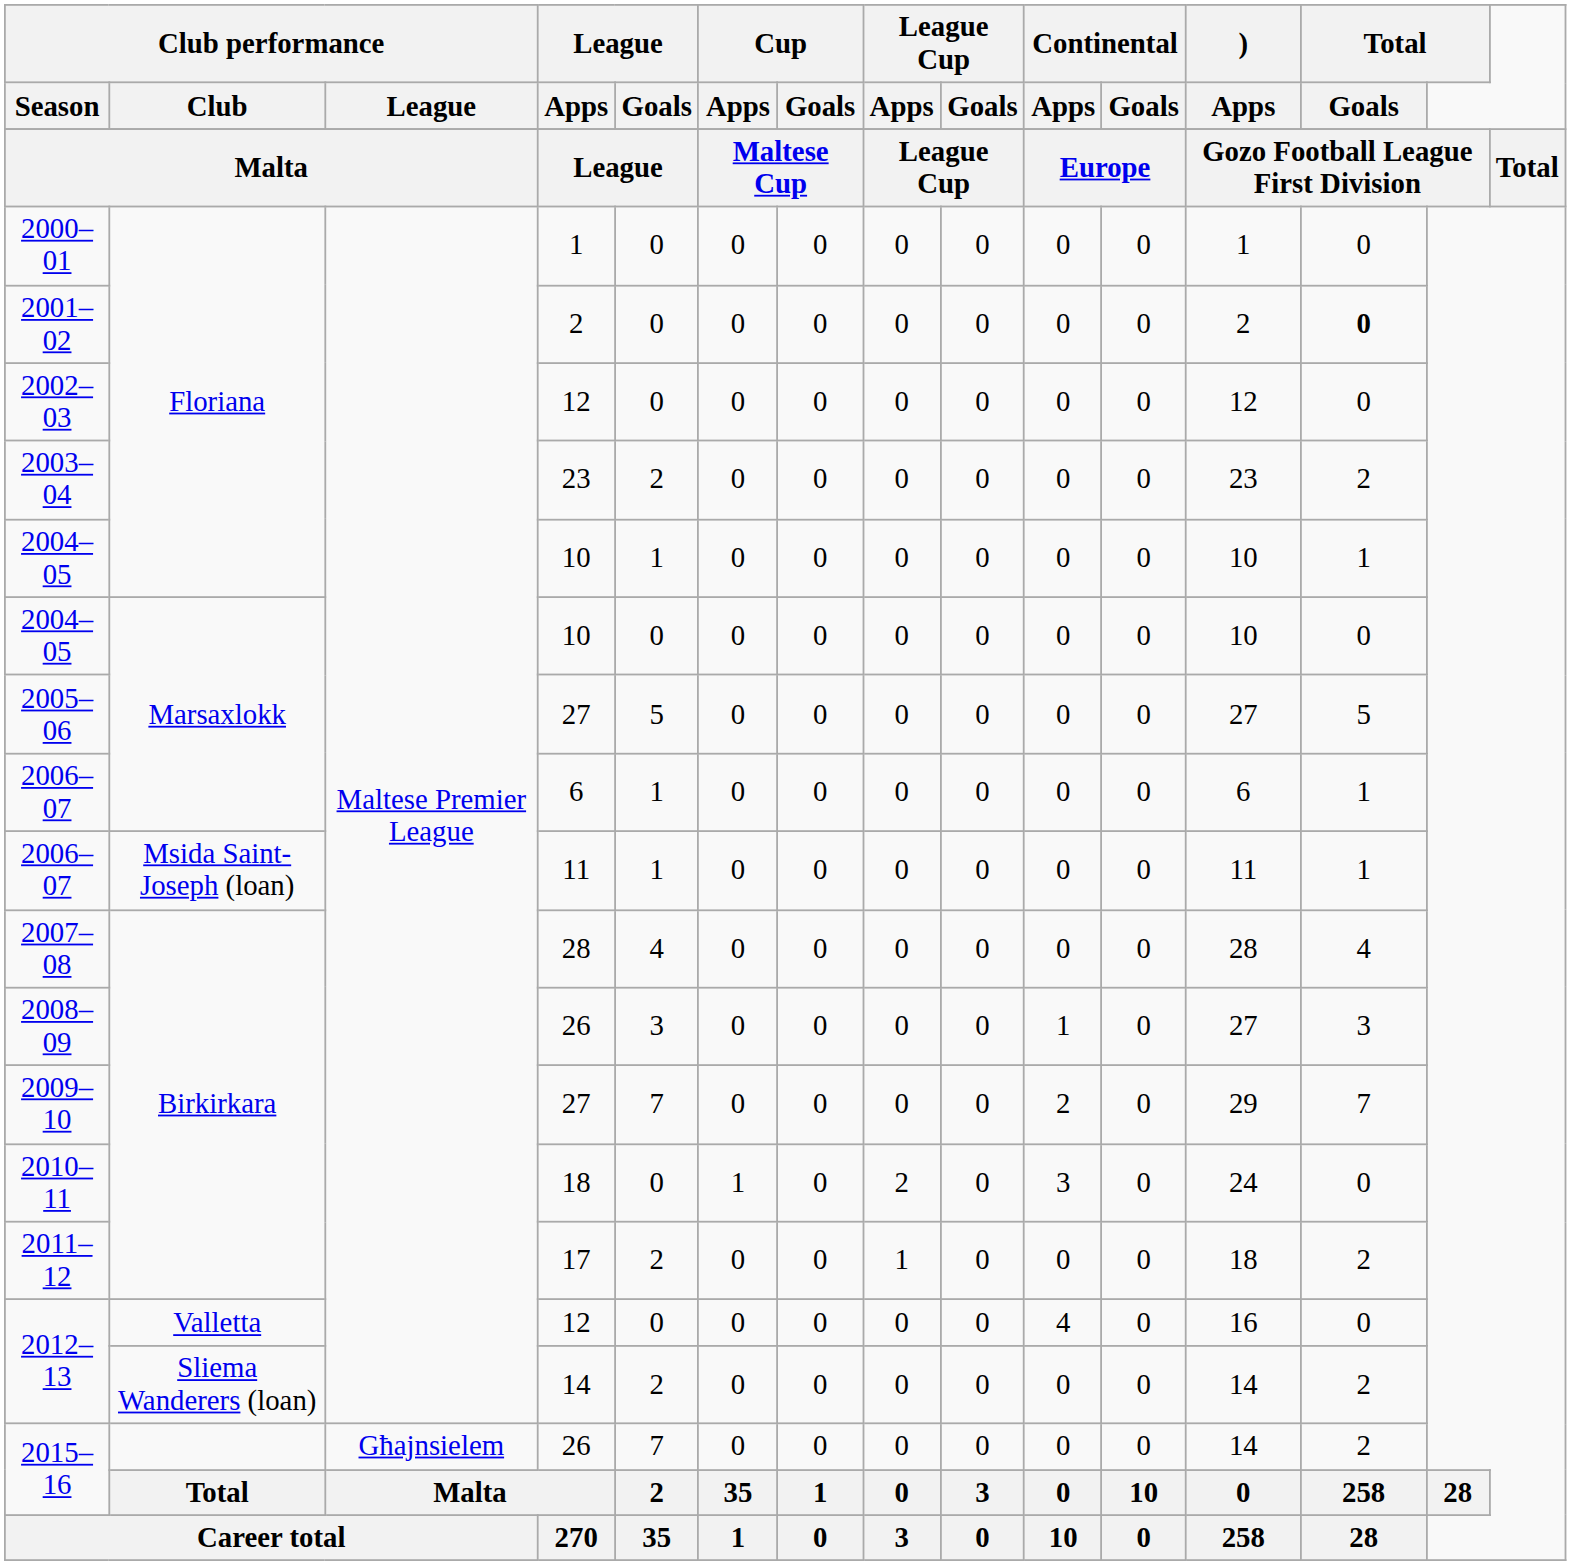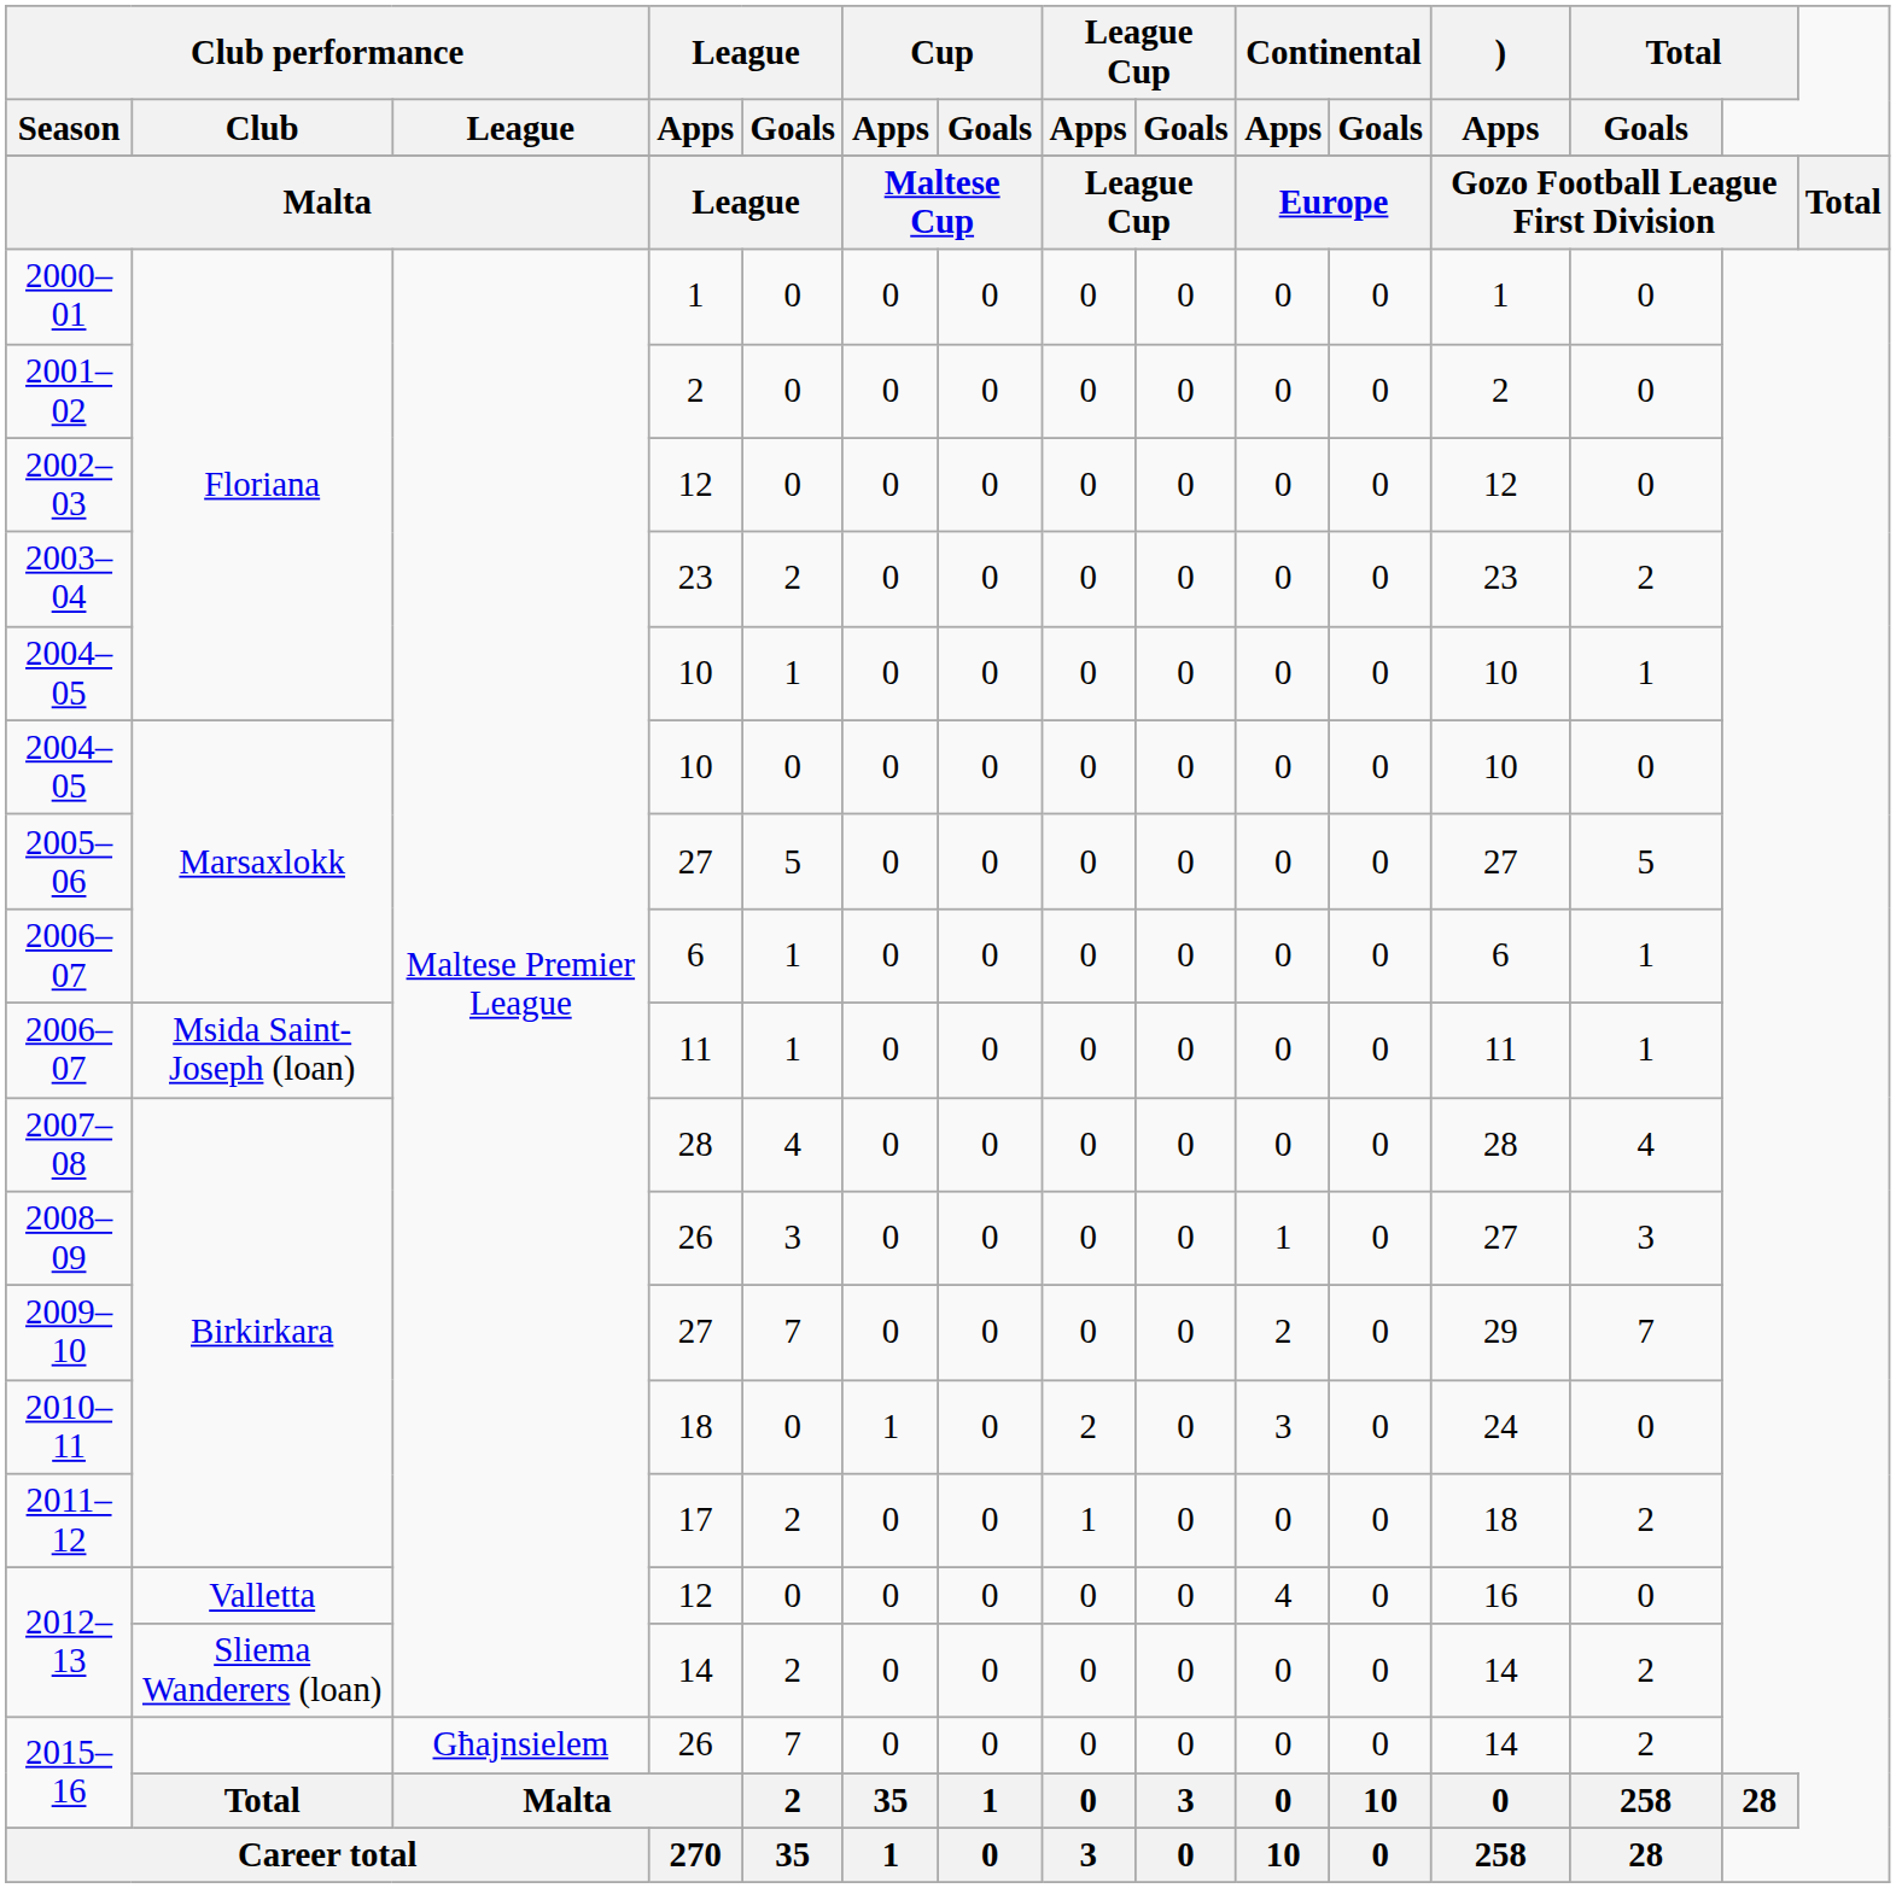 <table class="wikitable" style="text-align:center">
 <tr>
 <th colspan=3>Club performance</th>
 <th colspan=2>League</th>
 <th colspan=2>Cup</th>
 <th colspan=2>League Cup</th>
 <th colspan=2>Continental</th>
 <th>)</th>
 <th colspan=2>Total</th>
 </tr>
 <tr>
 <th>Season</th>
 <th>Club</th>
 <th>League</th>
 <th>Apps</th>
 <th>Goals</th>
 <th>Apps</th>
 <th>Goals</th>
 <th>Apps</th>
 <th>Goals</th>
 <th>Apps</th>
 <th>Goals</th>
 <th>Apps</th>
 <th>Goals</th>
 </tr>
 <tr>
 </tr>
 <tr>
 <th colspan=3>Malta</th>
 <th colspan=2>League</th>
 <th colspan=2><a href='#'>Maltese Cup</a></th>
 <th colspan=2>League Cup</th>
 <th colspan=2><a href='#'>Europe</a></th>
 <th Colspan=3>Gozo Football League First Division</th>
 <th colspan=2>Total</th>
 </tr>
 <tr>
 <td><a href='#'>2000–01</a></td>
 <td rowspan="5"><a href='#'>Floriana</a></td>
 <td rowspan="16"><a href='#'>Maltese Premier League</a></td>
 <td>1</td>
 <td>0</td>
 <td>0</td>
 <td>0</td>
 <td>0</td>
 <td>0</td>
 <td>0</td>
 <td>0</td>
 <td>1</td>
 <td>0</td>
 </tr>
 <tr>
 <td><a href='#'>2001–02</a></td>
 <td>2</td>
 <td>0</td>
 <td>0</td>
 <td>0</td>
 <td>0</td>
 <td>0</td>
 <td>0</td>
 <td>0</td>
 <td>2</td>
-<td><strong>0</strong></td>
+<td>0</td>
 </tr>
 <tr>
 <td><a href='#'>2002–03</a></td>
 <td>12</td>
 <td>0</td>
 <td>0</td>
 <td>0</td>
 <td>0</td>
 <td>0</td>
 <td>0</td>
 <td>0</td>
 <td>12</td>
 <td>0</td>
 </tr>
 <tr>
 <td><a href='#'>2003–04</a></td>
 <td>23</td>
 <td>2</td>
 <td>0</td>
 <td>0</td>
 <td>0</td>
 <td>0</td>
 <td>0</td>
 <td>0</td>
 <td>23</td>
 <td>2</td>
 </tr>
 <tr>
 <td><a href='#'>2004–05</a></td>
 <td>10</td>
 <td>1</td>
 <td>0</td>
 <td>0</td>
 <td>0</td>
 <td>0</td>
 <td>0</td>
 <td>0</td>
 <td>10</td>
 <td>1</td>
 </tr>
 <tr>
 <td><a href='#'>2004–05</a></td>
 <td rowspan="3"><a href='#'>Marsaxlokk</a></td>
 <td>10</td>
 <td>0</td>
 <td>0</td>
 <td>0</td>
 <td>0</td>
 <td>0</td>
 <td>0</td>
 <td>0</td>
 <td>10</td>
 <td>0</td>
 </tr>
 <tr>
 <td><a href='#'>2005–06</a></td>
 <td>27</td>
 <td>5</td>
 <td>0</td>
 <td>0</td>
 <td>0</td>
 <td>0</td>
 <td>0</td>
 <td>0</td>
 <td>27</td>
 <td>5</td>
 </tr>
 <tr>
 <td><a href='#'>2006–07</a></td>
 <td>6</td>
 <td>1</td>
 <td>0</td>
 <td>0</td>
 <td>0</td>
 <td>0</td>
 <td>0</td>
 <td>0</td>
 <td>6</td>
 <td>1</td>
 </tr>
 <tr>
 <td><a href='#'>2006–07</a></td>
 <td rowspan="1"><a href='#'>Msida Saint-Joseph</a> (loan)</td>
 <td>11</td>
 <td>1</td>
 <td>0</td>
 <td>0</td>
 <td>0</td>
 <td>0</td>
 <td>0</td>
 <td>0</td>
 <td>11</td>
 <td>1</td>
 </tr>
 <tr>
 <td><a href='#'>2007–08</a></td>
 <td rowspan="5"><a href='#'>Birkirkara</a></td>
 <td>28</td>
 <td>4</td>
 <td>0</td>
 <td>0</td>
 <td>0</td>
 <td>0</td>
 <td>0</td>
 <td>0</td>
 <td>28</td>
 <td>4</td>
 </tr>
 <tr>
 <td><a href='#'>2008–09</a></td>
 <td>26</td>
 <td>3</td>
 <td>0</td>
 <td>0</td>
 <td>0</td>
 <td>0</td>
 <td>1</td>
 <td>0</td>
 <td>27</td>
 <td>3</td>
 </tr>
 <tr>
 <td><a href='#'>2009–10</a></td>
 <td>27</td>
 <td>7</td>
 <td>0</td>
 <td>0</td>
 <td>0</td>
 <td>0</td>
 <td>2</td>
 <td>0</td>
 <td>29</td>
 <td>7</td>
 </tr>
 <tr>
 <td><a href='#'>2010–11</a></td>
 <td>18</td>
 <td>0</td>
 <td>1</td>
 <td>0</td>
 <td>2</td>
 <td>0</td>
 <td>3</td>
 <td>0</td>
 <td>24</td>
 <td>0</td>
 </tr>
 <tr>
 <td><a href='#'>2011–12</a></td>
 <td>17</td>
 <td>2</td>
 <td>0</td>
 <td>0</td>
 <td>1</td>
 <td>0</td>
 <td>0</td>
 <td>0</td>
 <td>18</td>
 <td>2</td>
 </tr>
 <tr>
 <td rowspan="2"><a href='#'>2012–13</a></td>
 <td><a href='#'>Valletta</a></td>
 <td>12</td>
 <td>0</td>
 <td>0</td>
 <td>0</td>
 <td>0</td>
 <td>0</td>
 <td>4</td>
 <td>0</td>
 <td>16</td>
 <td>0</td>
 </tr>
 <tr>
 <td><a href='#'>Sliema Wanderers</a> (loan)</td>
 <td>14</td>
 <td>2</td>
 <td>0</td>
 <td>0</td>
 <td>0</td>
 <td>0</td>
 <td>0</td>
 <td>0</td>
 <td>14</td>
 <td>2</td>
 </tr>
 <tr>
 <td rowspan="2"><a href='#'>2015–16</a></td>
 <td></td>
 <td><a href='#'>Għajnsielem</a></td>
 <td>26</td>
 <td>7</td>
 <td>0</td>
 <td>0</td>
 <td>0</td>
 <td>0</td>
 <td>0</td>
 <td>0</td>
 <td>14</td>
 <td>2</td>
 </tr>
 <tr>
 <th rowspan=1>Total</th>
 <th colspan=2>Malta</th>
 <th>2</th>
 <th>35</th>
 <th>1</th>
 <th>0</th>
 <th>3</th>
 <th>0</th>
 <th>10</th>
 <th>0</th>
 <th>258</th>
 <th>28</th>
 </tr>
 <tr>
 <th colspan=3>Career total</th>
 <th>270</th>
 <th>35</th>
 <th>1</th>
 <th>0</th>
 <th>3</th>
 <th>0</th>
 <th>10</th>
 <th>0</th>
 <th>258</th>
 <th>28</th>
 </tr>
 </table>
